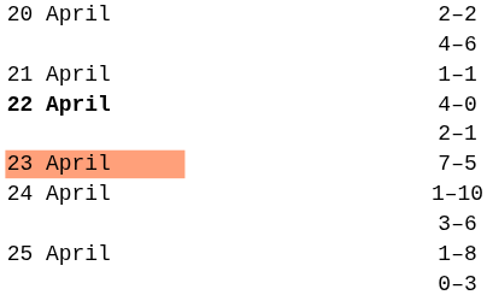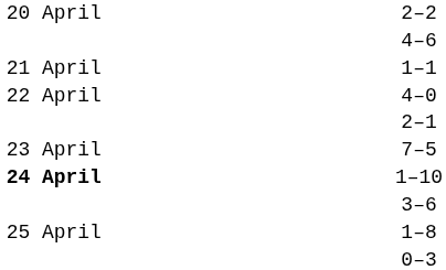 <table cellspacing=1 width=70%>
 <tr>
 <th width=25%></th>
 <th width=30%></th>
 <th width=15%></th>
 <th width=30%></th>
 </tr>
 <tr>
 <td>20 April</td>
 <td align=right></td>
 <td align=center>2–2</td>
 <td></td>
 </tr>
 <tr>
 <td></td>
 <td align=right></td>
 <td align=center>4–6</td>
 <td></td>
 </tr>
 <tr>
 <td>21 April</td>
 <td align=right></td>
 <td align=center>1–1</td>
 <td></td>
 </tr>
 <tr>
-<td><strong>22 April</strong></td>
+<td>22 April</td>
 <td align=right></td>
 <td align=center>4–0</td>
 <td></td>
 </tr>
 <tr>
 <td></td>
 <td align=right></td>
 <td align=center>2–1</td>
 <td></td>
 </tr>
 <tr>
-<td style="background: lightsalmon;">23 April</td>
+<td>23 April</td>
 <td align=right></td>
 <td align=center>7–5</td>
 <td></td>
 </tr>
 <tr>
-<td>24 April</td>
+<td><strong>24 April</strong></td>
 <td align=right></td>
 <td align=center>1–10</td>
 <td></td>
 </tr>
 <tr>
 <td></td>
 <td align=right></td>
 <td align=center>3–6</td>
 <td></td>
 </tr>
 <tr>
 <td>25 April</td>
 <td align=right></td>
 <td align=center>1–8</td>
 <td></td>
 </tr>
 <tr>
 <td></td>
 <td align=right></td>
 <td align=center>0–3</td>
 <td></td>
 </tr>
 </table>
